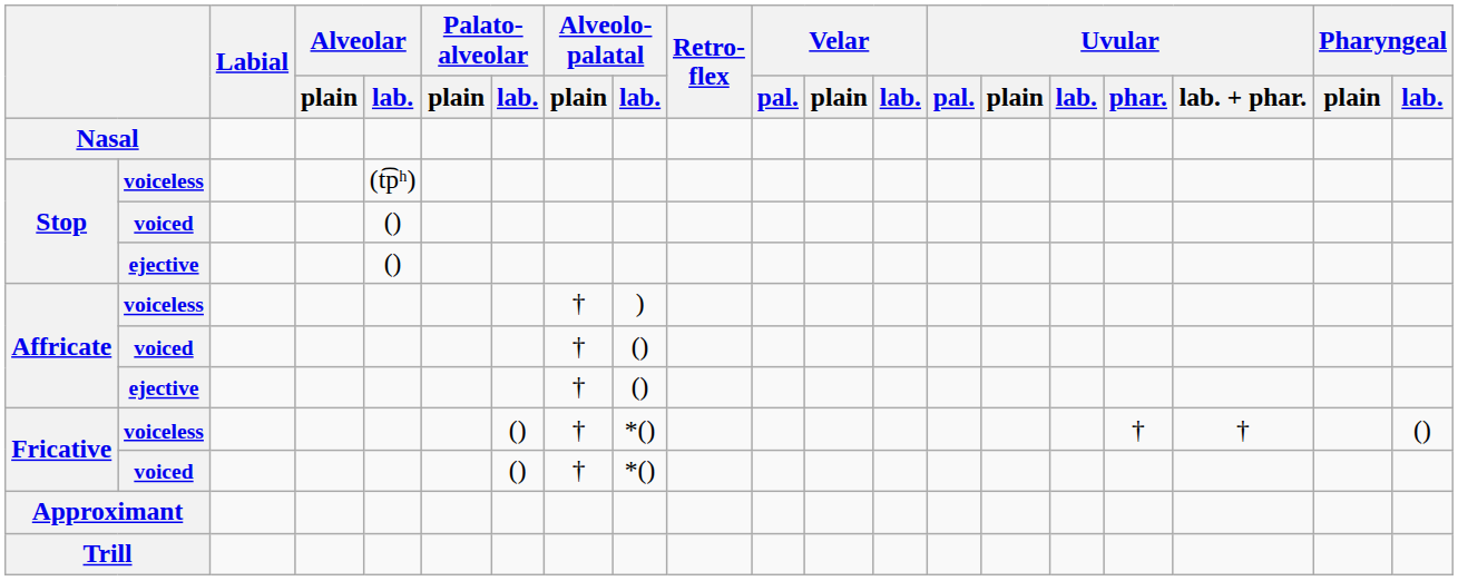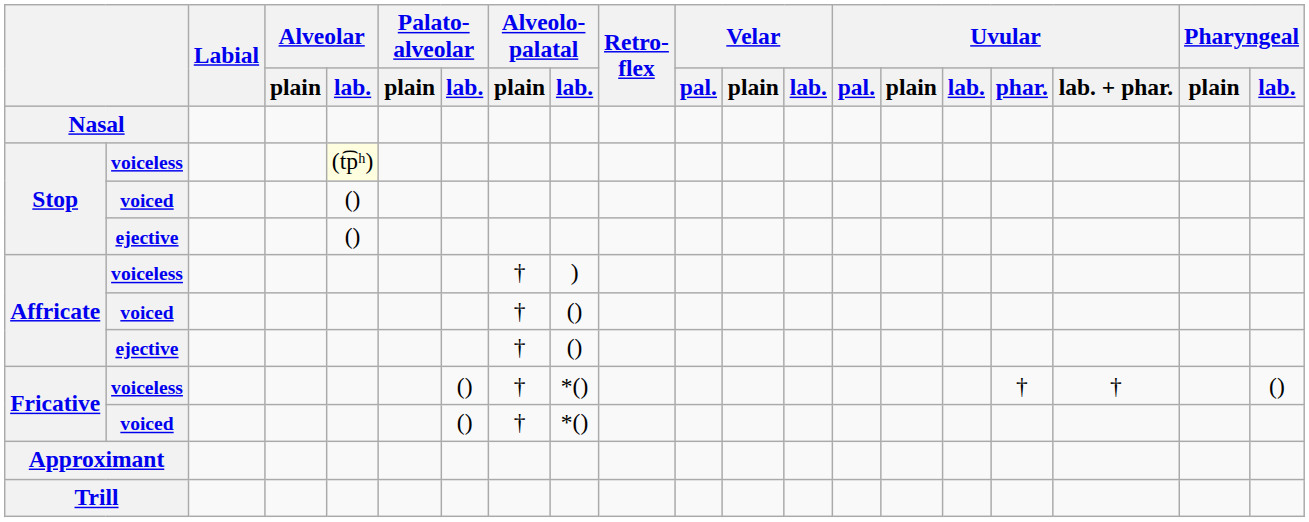 <table + class="wikitable" style="text-align: center">
 <tr>
 <th rowspan=2 colspan=2></th>
 <th rowspan=2><a href='#'>Labial</a></th>
 <th colspan=2><a href='#'>Alveolar</a></th>
 <th colspan=2><a href='#'>Palato-<br>alveolar</a></th>
 <th colspan=2><a href='#'>Alveolo-<br>palatal</a></th>
 <th rowspan=2><a href='#'>Retro-<br>flex</a></th>
 <th colspan=3><a href='#'>Velar</a></th>
 <th colspan=5><a href='#'>Uvular</a></th>
 <th colspan=2><a href='#'>Pharyngeal</a></th>
 </tr>
 <tr class=small>
 <th>plain</th>
 <th><a href='#'>lab.</a></th>
 <th>plain</th>
 <th><a href='#'>lab.</a></th>
 <th>plain</th>
 <th><a href='#'>lab.</a></th>
 <th><a href='#'>pal.</a></th>
 <th>plain</th>
 <th><a href='#'>lab.</a></th>
 <th><a href='#'>pal.</a></th>
 <th>plain</th>
 <th><a href='#'>lab.</a></th>
 <th><a href='#'>phar.</a></th>
 <th>lab. + phar.</th>
 <th>plain</th>
 <th><a href='#'>lab.</a></th>
 </tr>
 <tr>
 <th colspan=2><a href='#'>Nasal</a></th>
 <td></td>
 <td></td>
 <td></td>
 <td></td>
 <td></td>
 <td></td>
 <td></td>
 <td></td>
 <td></td>
 <td></td>
 <td></td>
 <td></td>
 <td></td>
 <td></td>
 <td></td>
 <td></td>
 <td></td>
 <td></td>
 </tr>
 <tr>
 <th rowspan=3><a href='#'>Stop</a></th>
 <th><small><a href='#'>voiceless</a></small></th>
 <td></td>
 <td></td>
-<td><span>(t͡pʰ)</span></td>
+<td style="background: lightyellow;"><span>(t͡pʰ)</span></td>
 <td></td>
 <td></td>
 <td></td>
 <td></td>
 <td></td>
 <td></td>
 <td></td>
 <td></td>
 <td></td>
 <td></td>
 <td></td>
 <td></td>
 <td></td>
 <td></td>
 <td></td>
 </tr>
 <tr>
 <th><small><a href='#'>voiced</a></small></th>
 <td></td>
 <td></td>
 <td><span>()</span></td>
 <td></td>
 <td></td>
 <td></td>
 <td></td>
 <td></td>
 <td></td>
 <td></td>
 <td></td>
 <td></td>
 <td></td>
 <td></td>
 <td></td>
 <td></td>
 <td></td>
 <td></td>
 </tr>
 <tr>
 <th><small><a href='#'>ejective</a></small></th>
 <td></td>
 <td></td>
 <td><span>()</span></td>
 <td></td>
 <td></td>
 <td></td>
 <td></td>
 <td></td>
 <td></td>
 <td></td>
 <td></td>
 <td></td>
 <td></td>
 <td></td>
 <td></td>
 <td></td>
 <td></td>
 <td></td>
 </tr>
 <tr>
 <th rowspan=3><a href='#'>Affricate</a></th>
 <th><small><a href='#'>voiceless</a></small></th>
 <td></td>
 <td></td>
 <td></td>
 <td></td>
 <td></td>
 <td>†<span></span></td>
 <td><span>)</span></td>
 <td></td>
 <td></td>
 <td></td>
 <td></td>
 <td></td>
 <td></td>
 <td></td>
 <td></td>
 <td></td>
 <td></td>
 <td></td>
 </tr>
 <tr>
 <th><small><a href='#'>voiced</a></small></th>
 <td></td>
 <td></td>
 <td></td>
 <td></td>
 <td></td>
 <td>†<span></span></td>
 <td><span>()</span></td>
 <td></td>
 <td></td>
 <td></td>
 <td></td>
 <td></td>
 <td></td>
 <td></td>
 <td></td>
 <td></td>
 <td></td>
 <td></td>
 </tr>
 <tr>
 <th><small><a href='#'>ejective</a></small></th>
 <td></td>
 <td></td>
 <td></td>
 <td></td>
 <td></td>
 <td>†<span></span></td>
 <td><span>()</span></td>
 <td></td>
 <td></td>
 <td></td>
 <td></td>
 <td></td>
 <td></td>
 <td></td>
 <td></td>
 <td></td>
 <td></td>
 <td></td>
 </tr>
 <tr>
 <th rowspan=2><a href='#'>Fricative</a></th>
 <th><small><a href='#'>voiceless</a></small></th>
 <td></td>
 <td></td>
 <td></td>
 <td></td>
 <td><span>()</span></td>
 <td>†<span></span></td>
 <td>*<span></span><span>()</span></td>
 <td></td>
 <td></td>
 <td></td>
 <td></td>
 <td></td>
 <td></td>
 <td></td>
 <td>†<span></span></td>
 <td>†<span></span></td>
 <td></td>
 <td><span>()</span></td>
 </tr>
 <tr>
 <th><small><a href='#'>voiced</a></small></th>
 <td></td>
 <td></td>
 <td></td>
 <td></td>
 <td><span>()</span></td>
 <td>†<span></span></td>
 <td>*<span></span><span>()</span></td>
 <td></td>
 <td></td>
 <td></td>
 <td></td>
 <td></td>
 <td></td>
 <td></td>
 <td></td>
 <td></td>
 <td></td>
 <td></td>
 </tr>
 <tr>
 <th colspan=2><a href='#'>Approximant</a></th>
 <td></td>
 <td></td>
 <td></td>
 <td></td>
 <td></td>
 <td></td>
 <td></td>
 <td></td>
 <td></td>
 <td></td>
 <td></td>
 <td></td>
 <td></td>
 <td></td>
 <td></td>
 <td></td>
 <td></td>
 <td></td>
 </tr>
 <tr>
 <th colspan=2><a href='#'>Trill</a></th>
 <td></td>
 <td></td>
 <td></td>
 <td></td>
 <td></td>
 <td></td>
 <td></td>
 <td></td>
 <td></td>
 <td></td>
 <td></td>
 <td></td>
 <td></td>
 <td></td>
 <td></td>
 <td></td>
 <td></td>
 <td></td>
 </tr>
 </table>
